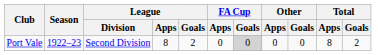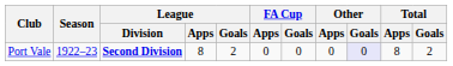 <table class="wikitable" style="text-align:center">
 <tr>
 <th rowspan="2">Club</th>
 <th rowspan="2">Season</th>
 <th colspan="3">League</th>
 <th colspan="2"><a href='#'>FA Cup</a></th>
 <th colspan="2">Other</th>
 <th colspan="2">Total</th>
 </tr>
 <tr>
 <th>Division</th>
 <th>Apps</th>
 <th>Goals</th>
 <th>Apps</th>
 <th>Goals</th>
 <th>Apps</th>
 <th>Goals</th>
 <th>Apps</th>
 <th>Goals</th>
 </tr>
 <tr>
 <td><a href='#'>Port Vale</a></td>
 <td><a href='#'>1922–23</a></td>
-<td><a href='#'>Second Division</a></td>
+<td><strong><a href='#'>Second Division</a></strong></td>
 <td>8</td>
 <td>2</td>
 <td>0</td>
-<td style="background: lightgrey;">0</td>
 <td>0</td>
 <td>0</td>
+<td style="background: lavender;">0</td>
 <td>8</td>
 <td>2</td>
 </tr>
 </table>
